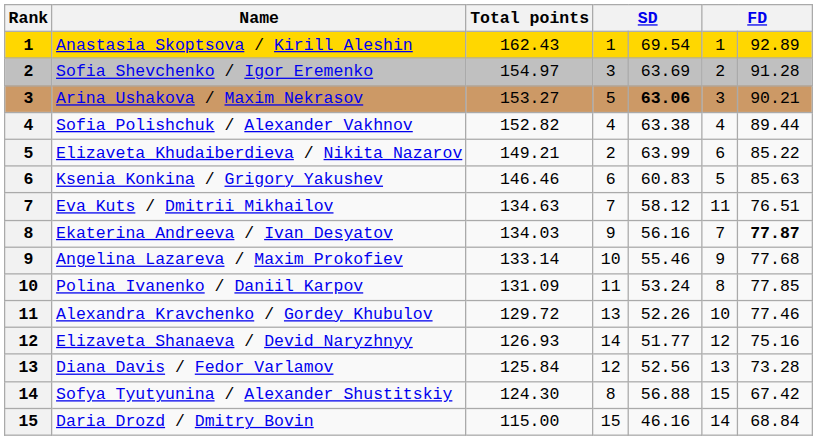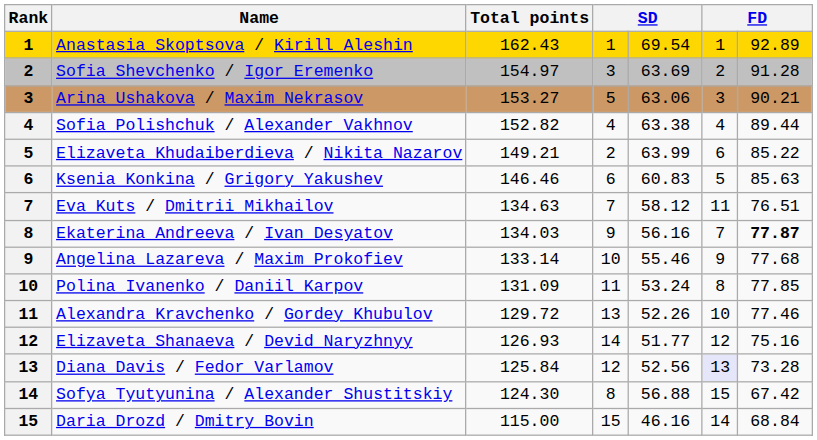 <table class="wikitable sortable">
 <tr>
 <th>Rank</th>
 <th>Name</th>
 <th>Total points</th>
 <th colspan="2" width="80px"><a href='#'>SD</a></th>
 <th colspan="2" width="80px"><a href='#'>FD</a></th>
 </tr>
 <tr bgcolor="gold">
 <td align="center"><strong>1</strong></td>
 <td><a href='#'>Anastasia Skoptsova</a> / <a href='#'>Kirill Aleshin</a></td>
 <td align="center">162.43</td>
 <td align="center">1</td>
 <td align="center">69.54</td>
 <td align="center">1</td>
 <td align="center">92.89</td>
 </tr>
 <tr bgcolor="silver">
 <td align="center"><strong>2</strong></td>
 <td><a href='#'>Sofia Shevchenko</a> / <a href='#'>Igor Eremenko</a></td>
 <td align="center">154.97</td>
 <td align="center">3</td>
 <td align="center">63.69</td>
 <td align="center">2</td>
 <td align="center">91.28</td>
 </tr>
 <tr bgcolor="cc9966">
 <td align="center"><strong>3</strong></td>
 <td><a href='#'>Arina Ushakova</a> / <a href='#'>Maxim Nekrasov</a></td>
 <td align="center">153.27</td>
 <td align="center">5</td>
-<td align="center"><strong>63.06</strong></td>
+<td align="center">63.06</td>
 <td align="center">3</td>
 <td align="center">90.21</td>
 </tr>
 <tr>
 <th>4</th>
 <td><a href='#'>Sofia Polishchuk</a> / <a href='#'>Alexander Vakhnov</a></td>
 <td align="center">152.82</td>
 <td align="center">4</td>
 <td align="center">63.38</td>
 <td align="center">4</td>
 <td align="center">89.44</td>
 </tr>
 <tr>
 <th>5</th>
 <td><a href='#'>Elizaveta Khudaiberdieva</a> / <a href='#'>Nikita Nazarov</a></td>
 <td align="center">149.21</td>
 <td align="center">2</td>
 <td align="center">63.99</td>
 <td align="center">6</td>
 <td align="center">85.22</td>
 </tr>
 <tr>
 <th>6</th>
 <td><a href='#'>Ksenia Konkina</a> / <a href='#'>Grigory Yakushev</a></td>
 <td align="center">146.46</td>
 <td align="center">6</td>
 <td align="center">60.83</td>
 <td align="center">5</td>
 <td align="center">85.63</td>
 </tr>
 <tr>
 <th>7</th>
 <td><a href='#'>Eva Kuts</a> / <a href='#'>Dmitrii Mikhailov</a></td>
 <td align="center">134.63</td>
 <td align="center">7</td>
 <td align="center">58.12</td>
 <td align="center">11</td>
 <td align="center">76.51</td>
 </tr>
 <tr>
 <th>8</th>
 <td><a href='#'>Ekaterina Andreeva</a> / <a href='#'>Ivan Desyatov</a></td>
 <td align="center">134.03</td>
 <td align="center">9</td>
 <td align="center">56.16</td>
 <td align="center">7</td>
 <td align="center"><strong>77.87</strong></td>
 </tr>
 <tr>
 <th>9</th>
 <td><a href='#'>Angelina Lazareva</a> / <a href='#'>Maxim Prokofiev</a></td>
 <td align="center">133.14</td>
 <td align="center">10</td>
 <td align="center">55.46</td>
 <td align="center">9</td>
 <td align="center">77.68</td>
 </tr>
 <tr>
 <th>10</th>
 <td><a href='#'>Polina Ivanenko</a> / <a href='#'>Daniil Karpov</a></td>
 <td align="center">131.09</td>
 <td align="center">11</td>
 <td align="center">53.24</td>
 <td align="center">8</td>
 <td align="center">77.85</td>
 </tr>
 <tr>
 <th>11</th>
 <td><a href='#'>Alexandra Kravchenko</a> / <a href='#'>Gordey Khubulov</a></td>
 <td align="center">129.72</td>
 <td align="center">13</td>
 <td align="center">52.26</td>
 <td align="center">10</td>
 <td align="center">77.46</td>
 </tr>
 <tr>
 <th>12</th>
 <td><a href='#'>Elizaveta Shanaeva</a> / <a href='#'>Devid Naryzhnyy</a></td>
 <td align="center">126.93</td>
 <td align="center">14</td>
 <td align="center">51.77</td>
 <td align="center">12</td>
 <td align="center">75.16</td>
 </tr>
 <tr>
 <th>13</th>
 <td><a href='#'>Diana Davis</a> / <a href='#'>Fedor Varlamov</a></td>
 <td align="center">125.84</td>
 <td align="center">12</td>
 <td align="center">52.56</td>
-<td align="center">13</td>
+<td align="center" style="background: lavender;">13</td>
 <td align="center">73.28</td>
 </tr>
 <tr>
 <th>14</th>
 <td><a href='#'>Sofya Tyutyunina</a> / <a href='#'>Alexander Shustitskiy</a></td>
 <td align="center">124.30</td>
 <td align="center">8</td>
 <td align="center">56.88</td>
 <td align="center">15</td>
 <td align="center">67.42</td>
 </tr>
 <tr>
 <th>15</th>
 <td><a href='#'>Daria Drozd</a> / <a href='#'>Dmitry Bovin</a></td>
 <td align="center">115.00</td>
 <td align="center">15</td>
 <td align="center">46.16</td>
 <td align="center">14</td>
 <td align="center">68.84</td>
 </tr>
 </table>
